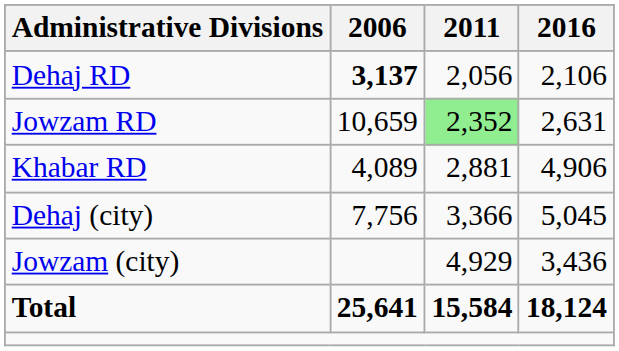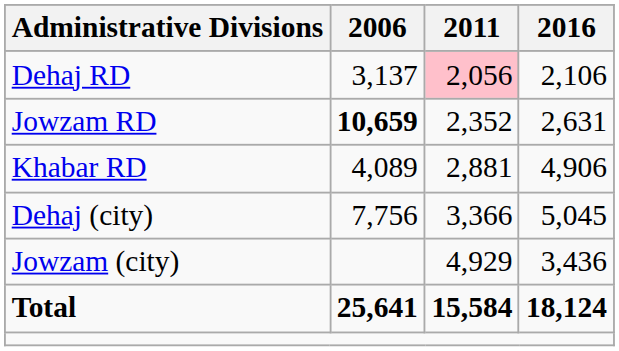 <table class="wikitable">
 <tr>
 <th>Administrative Divisions</th>
 <th>2006</th>
 <th>2011</th>
 <th>2016</th>
 </tr>
 <tr>
 <td><a href='#'>Dehaj RD</a></td>
-<td style="text-align: right;"><strong>3,137</strong></td>
-<td style="text-align: right;">2,056</td>
+<td style="text-align: right;">3,137</td>
+<td style="background: pink; text-align: right;">2,056</td>
 <td style="text-align: right;">2,106</td>
 </tr>
 <tr>
 <td><a href='#'>Jowzam RD</a></td>
-<td style="text-align: right;">10,659</td>
-<td style="background: lightgreen; text-align: right;">2,352</td>
+<td style="text-align: right;"><strong>10,659</strong></td>
+<td style="text-align: right;">2,352</td>
 <td style="text-align: right;">2,631</td>
 </tr>
 <tr>
 <td><a href='#'>Khabar RD</a></td>
 <td style="text-align: right;">4,089</td>
 <td style="text-align: right;">2,881</td>
 <td style="text-align: right;">4,906</td>
 </tr>
 <tr>
 <td><a href='#'>Dehaj</a> (city)</td>
 <td style="text-align: right;">7,756</td>
 <td style="text-align: right;">3,366</td>
 <td style="text-align: right;">5,045</td>
 </tr>
 <tr>
 <td><a href='#'>Jowzam</a> (city)</td>
 <td style="text-align: right;"></td>
 <td style="text-align: right;">4,929</td>
 <td style="text-align: right;">3,436</td>
 </tr>
 <tr>
 <td><strong>Total</strong></td>
 <td style="text-align: right;"><strong>25,641</strong></td>
 <td style="text-align: right;"><strong>15,584</strong></td>
 <td style="text-align: right;"><strong>18,124</strong></td>
 </tr>
 <tr>
 <td colspan=4></td>
 </tr>
 </table>
